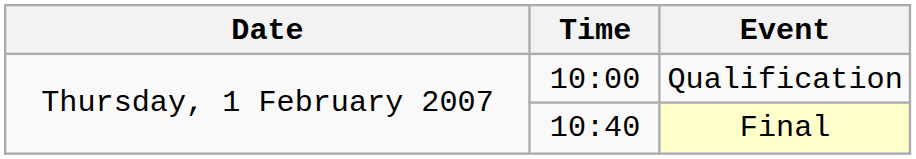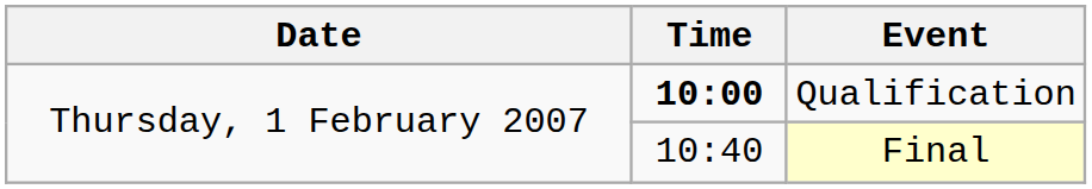 <table class = "wikitable" style="text-align:center;">
 <tr>
 <th width=220>Date</th>
 <th width=50>Time</th>
 <th width=100>Event</th>
 </tr>
 <tr>
 <td rowspan=2>Thursday, 1 February 2007</td>
-<td>10:00</td>
+<td><strong>10:00</strong></td>
 <td>Qualification</td>
 </tr>
 <tr>
 <td>10:40</td>
 <td bgcolor=ffffcc>Final</td>
 </tr>
 </table>
